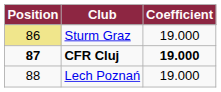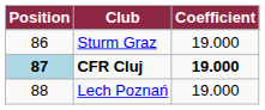 <table class="wikitable" style="text-align: center;">
 <tr>
 <th scope=col style="color:#fffafa; background:#8D2642;">Position</th>
 <th scope=col style="color:#fffafa; background:#8D2642;">Club</th>
 <th scope=col style="color:#fffafa; background:#8D2642;">Coefficient</th>
 </tr>
 <tr>
 </tr>
 <tr>
-<td style="background: khaki;">86</td>
+<td>86</td>
 <td align=left> <a href='#'>Sturm Graz</a></td>
 <td>19.000</td>
 </tr>
 <tr>
-<td><strong>87</strong></td>
+<td style="background: lightblue;"><strong>87</strong></td>
 <td align=left> <strong>CFR Cluj</strong></td>
 <td><strong> 19.000 </strong></td>
 </tr>
 <tr>
 <td>88</td>
 <td align=left> <a href='#'>Lech Poznań</a></td>
 <td>19.000</td>
 </tr>
 </table>
